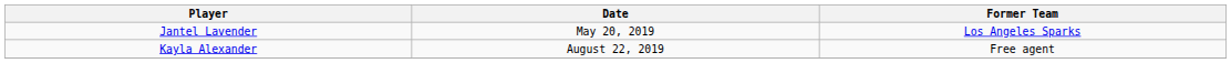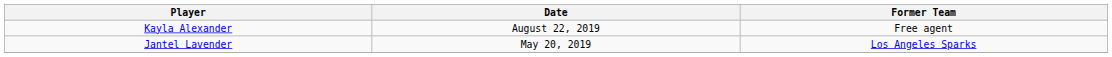 <table class="wikitable sortable sortable">
 <tr>
 <th width="10%">Player</th>
 <th width="10%">Date</th>
 <th width="10%">Former Team</th>
 </tr>
 <tr style="text-align: center">
+<td><a href='#'>Kayla Alexander</a></td>
+<td>August 22, 2019</td>
+<td>Free agent</td>
+</tr>
+<tr style="text-align: center">
 <td><a href='#'>Jantel Lavender</a></td>
 <td>May 20, 2019</td>
 <td><a href='#'>Los Angeles Sparks</a></td>
 </tr>
-<tr style="text-align: center">
-<td><a href='#'>Kayla Alexander</a></td>
-<td>August 22, 2019</td>
-<td>Free agent</td>
-</tr>
 <tr>
 </tr>
 </table>
